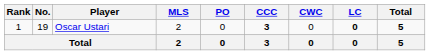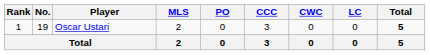 <table class="wikitable sortable nowrap" style="text-align:center; font-size:92%;">
 <tr>
 <th>Rank</th>
 <th>No.</th>
 <th width=150>Player</th>
 <th width=60><a href='#'>MLS</a></th>
 <th width=60><a href='#'>PO</a></th>
 <th width=60><a href='#'>CCC</a></th>
 <th width=60><a href='#'>CWC</a></th>
 <th width=60><a href='#'>LC</a></th>
 <th width=65>Total</th>
 </tr>
 <tr>
 <td>1</td>
 <td>19</td>
 <td style="text-align:left"> <a href='#'>Oscar Ustari</a></td>
 <td>2</td>
 <td>0</td>
-<td><strong>3</strong></td>
+<td>3</td>
 <td>0</td>
-<td><strong>0</strong></td>
+<td>0</td>
 <td><strong>5</strong></td>
 </tr>
 <tr>
 <th colspan="3">Total</th>
 <th>2</th>
 <th>0</th>
 <th>3</th>
 <th>0</th>
 <th>0</th>
 <th>5</th>
 </tr>
 </table>
